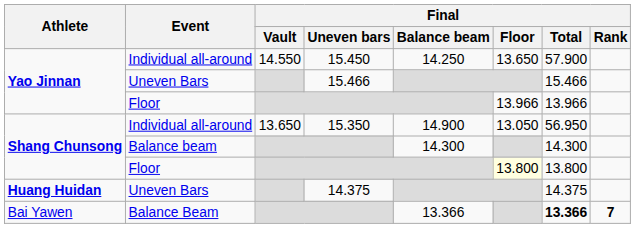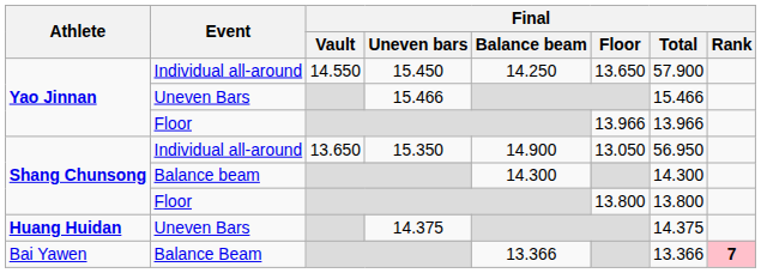 <table class="wikitable"style="text-align:left; font-size:90%">
 <tr>
 <th rowspan=2>Athlete</th>
 <th rowspan=2>Event</th>
 <th colspan=6>Final</th>
 </tr>
 <tr>
 <th>Vault</th>
 <th>Uneven bars</th>
 <th>Balance beam</th>
 <th>Floor</th>
 <th>Total</th>
 <th>Rank</th>
 </tr>
 <tr>
 <td rowspan=3><strong><a href='#'>Yao Jinnan</a></strong></td>
 <td><a href='#'>Individual all-around</a></td>
 <td style="text-align:center;">14.550</td>
 <td style="text-align:center;">15.450</td>
 <td style="text-align:center;">14.250</td>
 <td style="text-align:center;">13.650</td>
 <td style="text-align:center;">57.900</td>
 <td style="text-align:center;"></td>
 </tr>
 <tr>
 <td><a href='#'>Uneven Bars</a></td>
 <td style="background:#dcdcdc;"></td>
 <td style="text-align:center;">15.466</td>
 <td style="background:#dcdcdc;" colspan="2"></td>
 <td style="text-align:center;">15.466</td>
 <td style="text-align:center;"></td>
 </tr>
 <tr>
 <td><a href='#'>Floor</a></td>
 <td style="background:#dcdcdc;" colspan="3"></td>
 <td style="text-align:center;">13.966</td>
 <td style="text-align:center;">13.966</td>
 <td style="text-align:center;"></td>
 </tr>
 <tr>
 <td rowspan=3><strong><a href='#'>Shang Chunsong</a></strong></td>
 <td><a href='#'>Individual all-around</a></td>
 <td style="text-align:center;">13.650</td>
 <td style="text-align:center;">15.350</td>
 <td style="text-align:center;">14.900</td>
 <td style="text-align:center;">13.050</td>
 <td style="text-align:center;">56.950</td>
 <td style="text-align:center;"></td>
 </tr>
 <tr>
 <td><a href='#'>Balance beam</a></td>
 <td style="background:#dcdcdc;" colspan="2"></td>
 <td align=center>14.300</td>
 <td style="background:#dcdcdc;"></td>
 <td align=center>14.300</td>
 <td style="text-align:center;"></td>
 </tr>
 <tr>
 <td><a href='#'>Floor</a></td>
 <td style="background:#dcdcdc;" colspan="3"></td>
-<td style="background: lightyellow; text-align:center;">13.800</td>
+<td style="text-align:center;">13.800</td>
 <td style="text-align:center;">13.800</td>
 <td style="text-align:center;"></td>
 </tr>
 <tr>
 <td><strong><a href='#'>Huang Huidan</a></strong></td>
 <td><a href='#'>Uneven Bars</a></td>
 <td style="background:#dcdcdc;"></td>
 <td style="text-align:center;">14.375</td>
 <td style="background:#dcdcdc;" colspan="2"></td>
 <td style="text-align:center;">14.375</td>
 <td style="text-align:center;"></td>
 </tr>
 <tr>
 <td><a href='#'>Bai Yawen</a></td>
 <td><a href='#'>Balance Beam</a></td>
 <td style="background:#dcdcdc;" colspan="2"></td>
 <td style="text-align:center;">13.366</td>
 <td style="background:#dcdcdc;"></td>
-<td style="text-align:center;"><strong>13.366</strong></td>
-<td style="text-align:center;"><strong>7</strong></td>
+<td style="text-align:center;">13.366</td>
+<td style="background: pink; text-align:center;"><strong>7</strong></td>
 </tr>
 </table>
